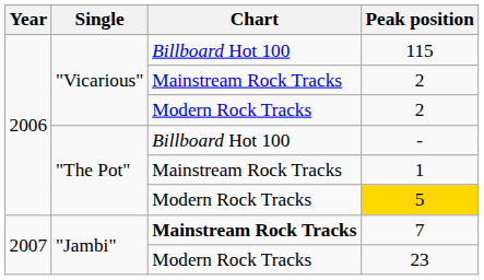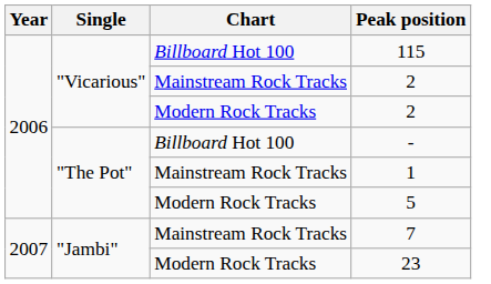 <table class="wikitable">
 <tr>
 <th>Year</th>
 <th>Single</th>
 <th>Chart</th>
 <th>Peak position</th>
 </tr>
 <tr>
 <td rowspan="6">2006</td>
 <td rowspan="3">"Vicarious"</td>
 <td><a href='#'><em>Billboard</em> Hot 100</a></td>
 <td style="text-align:center;">115</td>
 </tr>
 <tr>
 <td><a href='#'>Mainstream Rock Tracks</a></td>
 <td style="text-align:center;">2</td>
 </tr>
 <tr>
 <td><a href='#'>Modern Rock Tracks</a></td>
 <td style="text-align:center;">2</td>
 </tr>
 <tr>
 <td rowspan="3">"The Pot"</td>
 <td><em>Billboard</em> Hot 100</td>
 <td style="text-align:center;">-</td>
 </tr>
 <tr>
 <td>Mainstream Rock Tracks</td>
 <td style="text-align:center;">1</td>
 </tr>
 <tr>
 <td>Modern Rock Tracks</td>
-<td style="background: gold; text-align:center;">5</td>
+<td style="text-align:center;">5</td>
 </tr>
 <tr>
 <td rowspan="2">2007</td>
 <td rowspan="2">"Jambi"</td>
-<td><strong>Mainstream Rock Tracks</strong></td>
+<td>Mainstream Rock Tracks</td>
 <td style="text-align:center;">7</td>
 </tr>
 <tr>
 <td>Modern Rock Tracks</td>
 <td style="text-align:center;">23</td>
 </tr>
 </table>
